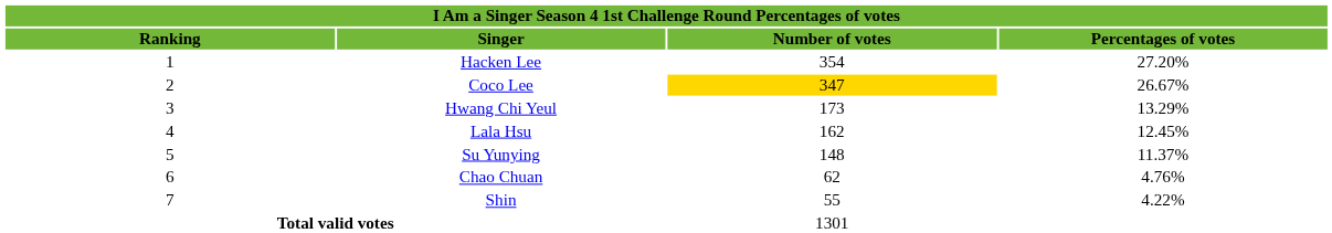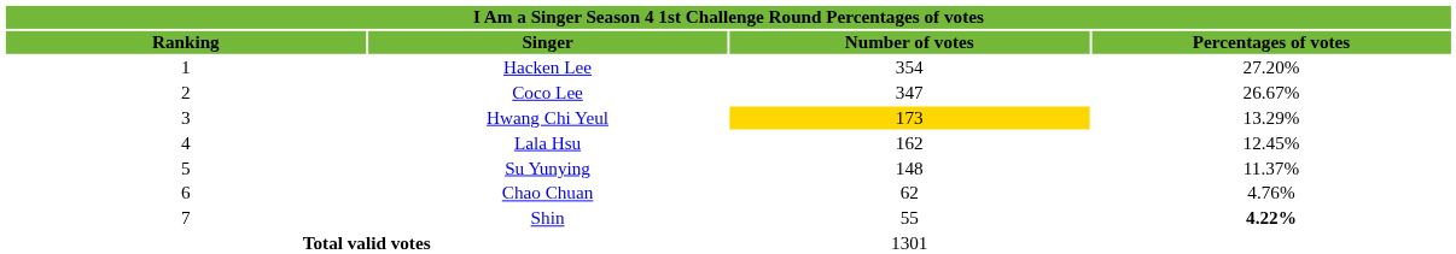 <table width="100%" style="text-align:center">
 <tr style="background:#73B839">
 <td colspan="4"><div><strong>I Am a Singer Season 4 1st Challenge Round Percentages of votes</strong></div></td>
 </tr>
 <tr style="background:#73B839">
 <td style="width:25%"><strong>Ranking</strong></td>
 <td style="width:25%"><strong>Singer</strong></td>
 <td style="width:25%"><strong>Number of votes</strong></td>
 <td style="width:25%"><strong>Percentages of votes</strong></td>
 </tr>
 <tr>
 <td>1</td>
 <td><a href='#'>Hacken Lee</a></td>
 <td>354</td>
 <td>27.20%</td>
 </tr>
 <tr>
 <td>2</td>
 <td><a href='#'>Coco Lee</a></td>
-<td style="background: gold;">347</td>
+<td>347</td>
 <td>26.67%</td>
 </tr>
 <tr>
 <td>3</td>
 <td><a href='#'>Hwang Chi Yeul</a></td>
-<td>173</td>
+<td style="background: gold;">173</td>
 <td>13.29%</td>
 </tr>
 <tr>
 <td>4</td>
 <td><a href='#'>Lala Hsu</a></td>
 <td>162</td>
 <td>12.45%</td>
 </tr>
 <tr>
 <td>5</td>
 <td><a href='#'>Su Yunying</a></td>
 <td>148</td>
 <td>11.37%</td>
 </tr>
 <tr>
 <td>6</td>
 <td><a href='#'>Chao Chuan</a></td>
 <td>62</td>
 <td>4.76%</td>
 </tr>
 <tr>
 <td>7</td>
 <td><a href='#'>Shin</a></td>
 <td>55</td>
-<td>4.22%</td>
+<td><strong>4.22%</strong></td>
 </tr>
 <tr>
 <td align=center colspan=2><strong>Total valid votes</strong></td>
 <td>1301</td>
 </tr>
 </table>
